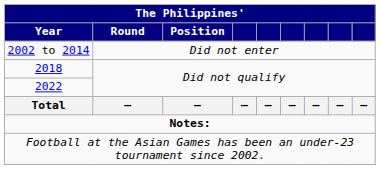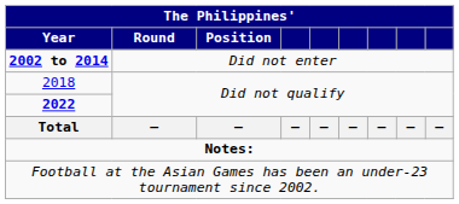 <table class="wikitable" style="text-align: center; font-size:95%;">
 <tr>
 <th colspan="10" style="background:#000080; color: #FFFFFF;">The Philippines' <a href='#'></a></th>
 </tr>
 <tr>
 <th style="background:#000080;color:white;"width=90>Year</th>
 <th style="background:#000080;color:white;"width="70">Round</th>
 <th style="background:#000080;color:white;"width="70">Position</th>
 <th style="background:#000080;color:white;"width="20"></th>
 <th style="background:#000080;color:white;"width="20"></th>
 <th style="background:#000080;color:white;"width="20"></th>
 <th style="background:#000080;color:white;"width="20"></th>
 <th style="background:#000080;color:white;"width="20"></th>
 <th style="background:#000080;color:white;"width="20"></th>
 </tr>
 <tr>
-<td> <a href='#'>2002</a> to  <a href='#'>2014</a></td>
+<td><strong> <a href='#'>2002</a> to  <a href='#'>2014</a></strong></td>
 <td colspan=8><em>Did not enter</em></td>
 </tr>
 <tr>
 <td> <a href='#'>2018</a></td>
 <td colspan="8" rowspan="2"><em>Did not qualify</em></td>
 </tr>
 <tr>
-<td> <a href='#'>2022</a></td>
+<td><strong> <a href='#'>2022</a></strong></td>
 </tr>
 <tr>
 <th>Total</th>
 <th>—</th>
 <th>–</th>
 <th>–</th>
 <th>–</th>
 <th>–</th>
 <th>–</th>
 <th>–</th>
 <th>–</th>
 </tr>
 <tr>
 <td colspan=9><strong>Notes:</strong></td>
 </tr>
 <tr>
 <td colspan=9><em>Football at the Asian Games has been an under-23 tournament since 2002.</em></td>
 </tr>
 </table>
